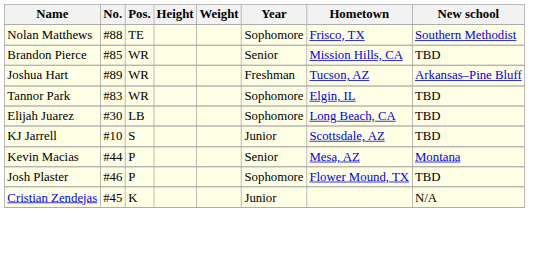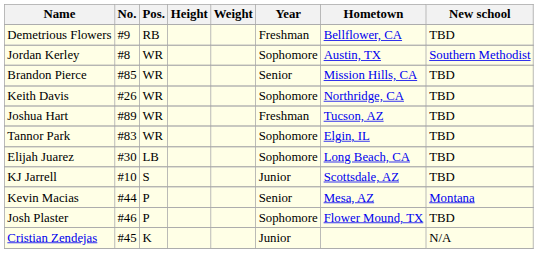 <table class="wikitable sortable">
 <tr>
 <th>Name</th>
 <th>No.</th>
 <th>Pos.</th>
 <th>Height</th>
 <th>Weight</th>
 <th>Year</th>
 <th>Hometown</th>
 <th class="unsortable">New school</th>
 </tr>
 <tr>
 </tr>
+<tr style="background:#FFFFE6;">
+<td>Demetrious Flowers</td>
+<td>#9</td>
+<td>RB</td>
+<td></td>
+<td></td>
+<td> Freshman</td>
+<td><a href='#'>Bellflower, CA</a></td>
+<td>TBD</td>
+</tr>
+<tr>
+</tr>
 <tr>
 </tr>
 <tr style="background:#FFFFE6;">
-<td>Nolan Matthews</td>
-<td>#88</td>
-<td>TE</td>
+<td>Jordan Kerley</td>
+<td>#8</td>
+<td>WR</td>
 <td></td>
 <td></td>
 <td>Sophomore</td>
-<td><a href='#'>Frisco, TX</a></td>
+<td><a href='#'>Austin, TX</a></td>
 <td><a href='#'>Southern Methodist</a></td>
-</tr>
-<tr>
 </tr>
 <tr>
 </tr>
 <tr style="background:#FFFFE6;">
 <td>Brandon Pierce</td>
 <td>#85</td>
 <td>WR</td>
 <td></td>
 <td></td>
 <td> Senior</td>
 <td><a href='#'>Mission Hills, CA</a></td>
 <td>TBD</td>
 </tr>
 <tr>
 </tr>
+<tr style="background:#FFFFE6;">
+<td>Keith Davis</td>
+<td>#26</td>
+<td>WR</td>
+<td></td>
+<td></td>
+<td> Sophomore</td>
+<td><a href='#'>Northridge, CA</a></td>
+<td>TBD</td>
+</tr>
 <tr>
 </tr>
 <tr style="background:#FFFFE6;">
 <td>Joshua Hart</td>
 <td>#89</td>
 <td>WR</td>
 <td></td>
 <td></td>
 <td> Freshman</td>
 <td><a href='#'>Tucson, AZ</a></td>
-<td><a href='#'>Arkansas–Pine Bluff</a></td>
+<td>TBD</td>
 </tr>
 <tr>
 </tr>
 <tr style="background:#FFFFE6;">
 <td>Tannor Park</td>
 <td>#83</td>
 <td>WR</td>
 <td></td>
 <td></td>
 <td> Sophomore</td>
 <td><a href='#'>Elgin, IL</a></td>
 <td>TBD</td>
 </tr>
 <tr>
 </tr>
 <tr style="background:#FFFFE6;">
 <td>Elijah Juarez</td>
 <td>#30</td>
 <td>LB</td>
 <td></td>
 <td></td>
 <td>Sophomore</td>
 <td><a href='#'>Long Beach, CA</a></td>
 <td>TBD</td>
 </tr>
 <tr>
 </tr>
 <tr style="background:#FFFFE6;">
 <td>KJ Jarrell</td>
 <td>#10</td>
 <td>S</td>
 <td></td>
 <td></td>
 <td> Junior</td>
 <td><a href='#'>Scottsdale, AZ</a></td>
 <td>TBD</td>
 </tr>
 <tr>
 </tr>
 <tr style="background:#FFFFE6;">
 <td>Kevin Macias</td>
 <td>#44</td>
 <td>P</td>
 <td></td>
 <td></td>
 <td> Senior</td>
 <td><a href='#'>Mesa, AZ</a></td>
 <td><a href='#'>Montana</a></td>
 </tr>
 <tr>
 </tr>
 <tr style="background:#FFFFE6;">
 <td>Josh Plaster</td>
 <td>#46</td>
 <td>P</td>
 <td></td>
 <td></td>
 <td>Sophomore</td>
 <td><a href='#'>Flower Mound, TX</a></td>
 <td>TBD</td>
 </tr>
 <tr>
 </tr>
 <tr style="background:#FFFFE6;">
 <td><a href='#'>Cristian Zendejas</a></td>
 <td>#45</td>
 <td>K</td>
 <td></td>
 <td></td>
 <td> Junior</td>
 <td></td>
 <td>N/A</td>
 </tr>
 <tr>
 </tr>
 </table>
